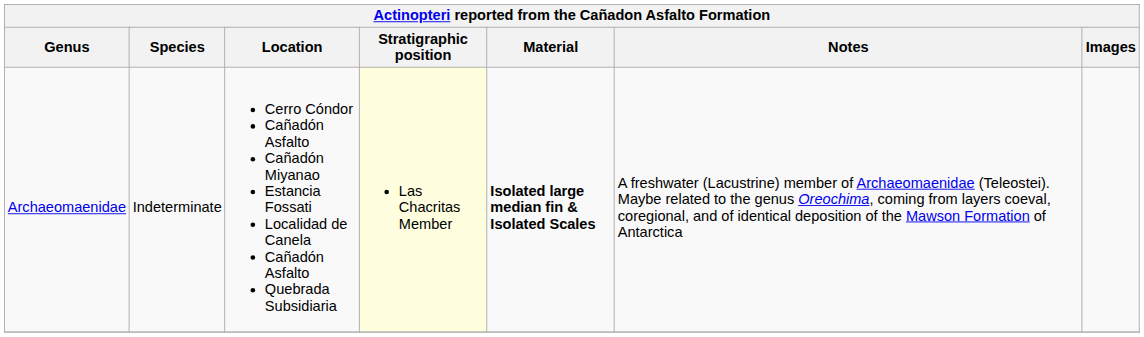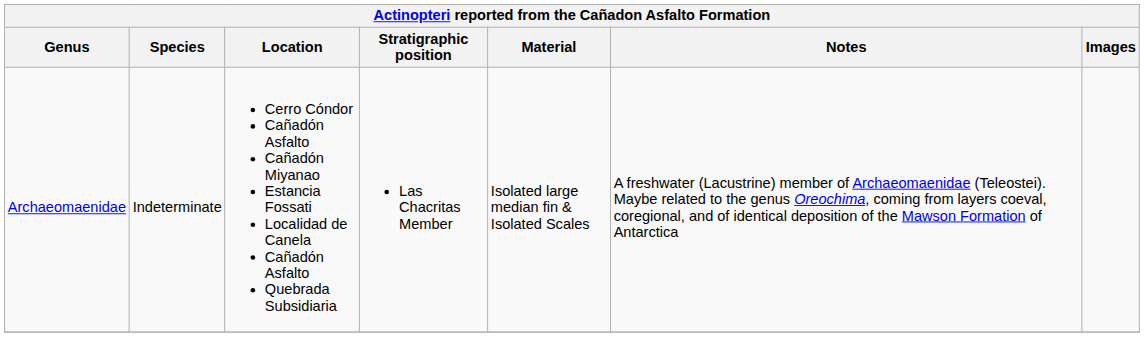 <table class="wikitable sortable">
 <tr>
 <th colspan="7" align="center"><strong><a href='#'>Actinopteri</a> reported from the Cañadon Asfalto Formation</strong></th>
 </tr>
 <tr>
 <th>Genus</th>
 <th>Species</th>
 <th>Location</th>
 <th>Stratigraphic position</th>
 <th>Material</th>
 <th>Notes</th>
 <th>Images</th>
 </tr>
 <tr>
 <td><br><a href='#'>Archaeomaenidae</a></td>
 <td><br>Indeterminate</td>
 <td><br><ul><li>Cerro Cóndor</li><li>Cañadón Asfalto</li><li>Cañadón Miyanao</li><li>Estancia Fossati</li><li>Localidad de Canela</li><li>Cañadón Asfalto</li><li>Quebrada Subsidiaria</li></ul></td>
-<td style="background: lightyellow;"><br><ul><li>Las Chacritas Member</li></ul></td>
-<td><strong><br>Isolated large median fin & Isolated Scales</strong></td>
+<td><br><ul><li>Las Chacritas Member</li></ul></td>
+<td><br>Isolated large median fin & Isolated Scales</td>
 <td><br>A freshwater (Lacustrine) member of <a href='#'>Archaeomaenidae</a> (Teleostei). Maybe related to the genus <em><a href='#'>Oreochima</a></em>, coming from layers coeval, coregional, and of identical deposition of the <a href='#'>Mawson Formation</a> of Antarctica</td>
 <td><br></td>
 </tr>
 <tr>
 </tr>
 </table>
